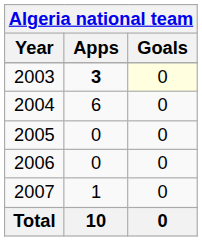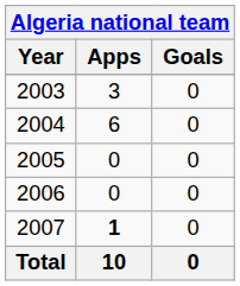 <table class="wikitable" style="text-align:center">
 <tr>
 <th colspan=3><a href='#'>Algeria national team</a></th>
 </tr>
 <tr>
 <th>Year</th>
 <th>Apps</th>
 <th>Goals</th>
 </tr>
 <tr>
 </tr>
 <tr>
 <td>2003</td>
-<td><strong>3</strong></td>
-<td style="background: lightyellow;">0</td>
+<td>3</td>
+<td>0</td>
 </tr>
 <tr>
 <td>2004</td>
 <td>6</td>
 <td>0</td>
 </tr>
 <tr>
 <td>2005</td>
 <td>0</td>
 <td>0</td>
 </tr>
 <tr>
 <td>2006</td>
 <td>0</td>
 <td>0</td>
 </tr>
 <tr>
 <td>2007</td>
-<td>1</td>
+<td><strong>1</strong></td>
 <td>0</td>
 </tr>
 <tr>
 <th>Total</th>
 <th>10</th>
 <th>0</th>
 </tr>
 </table>
